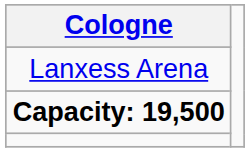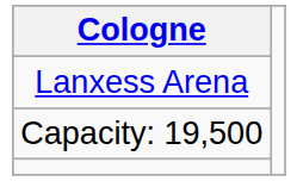 <table class="wikitable" style="text-align:center;margin:1em auto;">
 <tr>
 <th><a href='#'>Cologne</a></th>
 <td rowspan=4></td>
 </tr>
 <tr>
 <td><a href='#'>Lanxess Arena</a></td>
 </tr>
 <tr>
-<td><strong>Capacity: 19,500</strong></td>
+<td>Capacity: 19,500</td>
 </tr>
 <tr>
 <td></td>
 </tr>
 </table>
